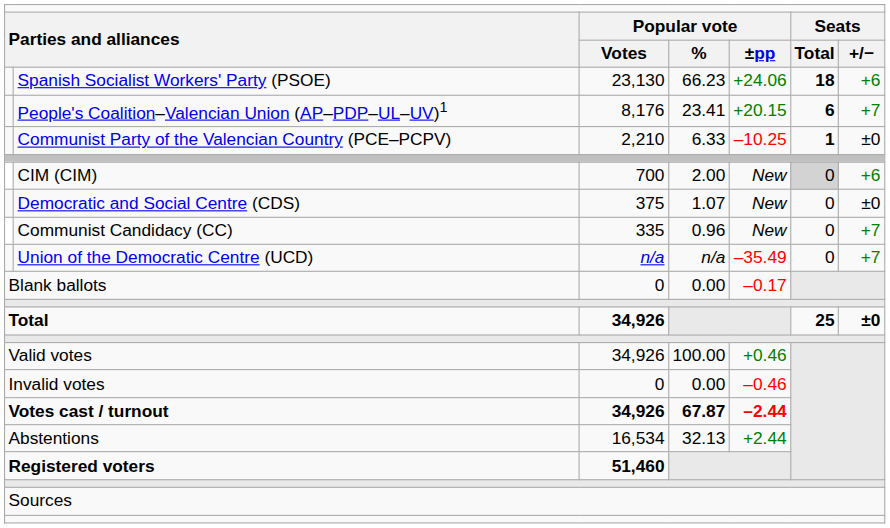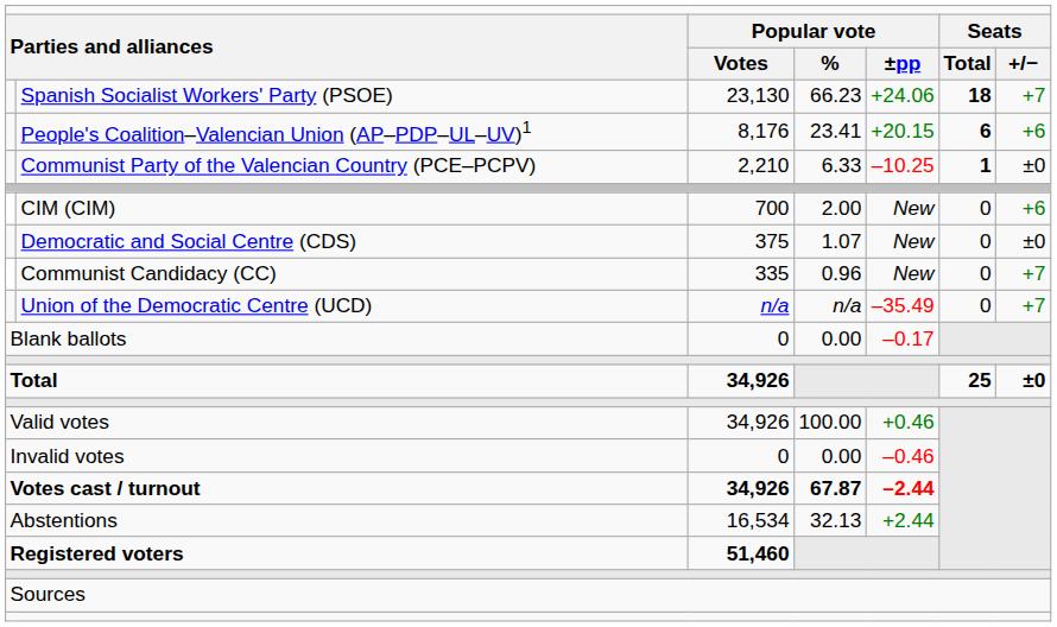 <table class="wikitable" style="text-align:right;">
 <tr>
 <td colspan="7"></td>
 </tr>
 <tr>
 <th style="text-align:left;" rowspan="2" colspan="2" width="525">Parties and alliances</th>
 <th colspan="3">Popular vote</th>
 <th colspan="2">Seats</th>
 </tr>
 <tr>
 <th width="75">Votes</th>
 <th width="45">%</th>
 <th width="45">±<a href='#'>pp</a></th>
 <th width="35">Total</th>
 <th width="35">+/−</th>
 </tr>
 <tr>
 <td width="1" style="color:inherit;background:"></td>
 <td align="left"><a href='#'>Spanish Socialist Workers' Party</a> (PSOE)</td>
 <td>23,130</td>
 <td>66.23</td>
 <td style="color:green;">+24.06</td>
 <td><strong>18</strong></td>
-<td style="color:green;">+6</td>
+<td style="color:green;">+7</td>
 </tr>
 <tr>
 <td style="color:inherit;background:"></td>
 <td align="left"><a href='#'>People's Coalition</a>–<a href='#'>Valencian Union</a> (<a href='#'>AP</a>–<a href='#'>PDP</a>–<a href='#'>UL</a>–<a href='#'>UV</a>)<sup>1</sup></td>
 <td>8,176</td>
 <td>23.41</td>
 <td style="color:green;">+20.15</td>
 <td><strong>6</strong></td>
-<td style="color:green;">+7</td>
+<td style="color:green;">+6</td>
 </tr>
 <tr>
 <td style="color:inherit;background:"></td>
 <td align="left"><a href='#'>Communist Party of the Valencian Country</a> (PCE–PCPV)</td>
 <td>2,210</td>
 <td>6.33</td>
 <td style="color:red;">–10.25</td>
 <td><strong>1</strong></td>
 <td>±0</td>
 </tr>
 <tr>
 <td colspan="7" bgcolor="#C0C0C0"></td>
 </tr>
 <tr>
 <td bgcolor="white"></td>
 <td align="left">CIM (CIM)</td>
 <td>700</td>
 <td>2.00</td>
 <td><em>New</em></td>
-<td style="background: lightgrey;">0</td>
+<td>0</td>
 <td style="color:green;">+6</td>
 </tr>
 <tr>
 <td style="color:inherit;background:"></td>
 <td align="left"><a href='#'>Democratic and Social Centre</a> (CDS)</td>
 <td>375</td>
 <td>1.07</td>
 <td><em>New</em></td>
 <td>0</td>
 <td>±0</td>
 </tr>
 <tr>
 <td bgcolor="white"></td>
 <td align="left">Communist Candidacy (CC)</td>
 <td>335</td>
 <td>0.96</td>
 <td><em>New</em></td>
 <td>0</td>
 <td style="color:green;">+7</td>
 </tr>
 <tr>
 <td style="color:inherit;background:"></td>
 <td align="left"><a href='#'>Union of the Democratic Centre</a> (UCD)</td>
 <td><em><a href='#'>n/a</a></em></td>
 <td><em>n/a</em></td>
 <td style="color:red;">–35.49</td>
 <td>0</td>
 <td style="color:green;">+7</td>
 </tr>
 <tr>
 <td align="left" colspan="2">Blank ballots</td>
 <td>0</td>
 <td>0.00</td>
 <td style="color:red;">–0.17</td>
 <td bgcolor="#E9E9E9" colspan="2"></td>
 </tr>
 <tr>
 <td colspan="7" bgcolor="#E9E9E9"></td>
 </tr>
 <tr style="font-weight:bold;">
 <td align="left" colspan="2">Total</td>
 <td>34,926</td>
 <td bgcolor="#E9E9E9" colspan="2"></td>
 <td>25</td>
 <td>±0</td>
 </tr>
 <tr>
 <td colspan="7" bgcolor="#E9E9E9"></td>
 </tr>
 <tr>
 <td align="left" colspan="2">Valid votes</td>
 <td>34,926</td>
 <td>100.00</td>
 <td style="color:green;">+0.46</td>
 <td bgcolor="#E9E9E9" colspan="2" rowspan="5"></td>
 </tr>
 <tr>
 <td align="left" colspan="2">Invalid votes</td>
 <td>0</td>
 <td>0.00</td>
 <td style="color:red;">–0.46</td>
 </tr>
 <tr style="font-weight:bold;">
 <td align="left" colspan="2">Votes cast / turnout</td>
 <td>34,926</td>
 <td>67.87</td>
 <td style="color:red;">–2.44</td>
 </tr>
 <tr>
 <td align="left" colspan="2">Abstentions</td>
 <td>16,534</td>
 <td>32.13</td>
 <td style="color:green;">+2.44</td>
 </tr>
 <tr style="font-weight:bold;">
 <td align="left" colspan="2">Registered voters</td>
 <td>51,460</td>
 <td bgcolor="#E9E9E9" colspan="2"></td>
 </tr>
 <tr>
 <td colspan="7" bgcolor="#E9E9E9"></td>
 </tr>
 <tr>
 <td align="left" colspan="7">Sources</td>
 </tr>
 <tr>
 <td colspan="7" style="text-align:left; max-width:790px;"></td>
 </tr>
 </table>
